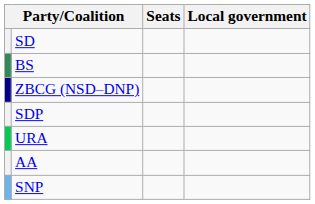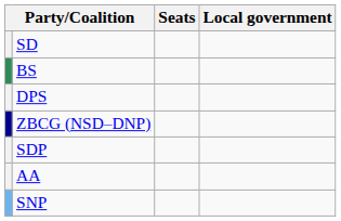 <table class="wikitable" style="text-align:left;">
 <tr>
 <th colspan=2>Party/Coalition</th>
 <th>Seats</th>
 <th>Local government</th>
 </tr>
 <tr>
 <th style="background-color: "></th>
 <td><a href='#'>SD</a></td>
 <td></td>
 <td></td>
 </tr>
 <tr>
 <th style="background-color: #2E8B57"></th>
 <td><a href='#'>BS</a></td>
 <td></td>
 <td></td>
 </tr>
 <tr>
+<th style="background-color: "></th>
+<td><a href='#'>DPS</a></td>
+<td></td>
+<td></td>
+</tr>
+<tr>
 <th style="background-color: darkblue"></th>
 <td><a href='#'>ZBCG (NSD–DNP)</a></td>
 <td></td>
 <td></td>
 </tr>
 <tr>
 <th style="background-color: "></th>
 <td><a href='#'>SDP</a></td>
-<td></td>
-<td></td>
-</tr>
-<tr>
-<th style="background-color: #00cc55"></th>
-<td><a href='#'>URA</a></td>
 <td></td>
 <td></td>
 </tr>
 <tr>
 <th style="background-color: "></th>
 <td><a href='#'>AA</a></td>
 <td></td>
 <td></td>
 </tr>
 <tr>
 <th style="background-color: #6CB4EE"></th>
 <td><a href='#'>SNP</a></td>
 <td></td>
 <td></td>
 </tr>
 </table>
